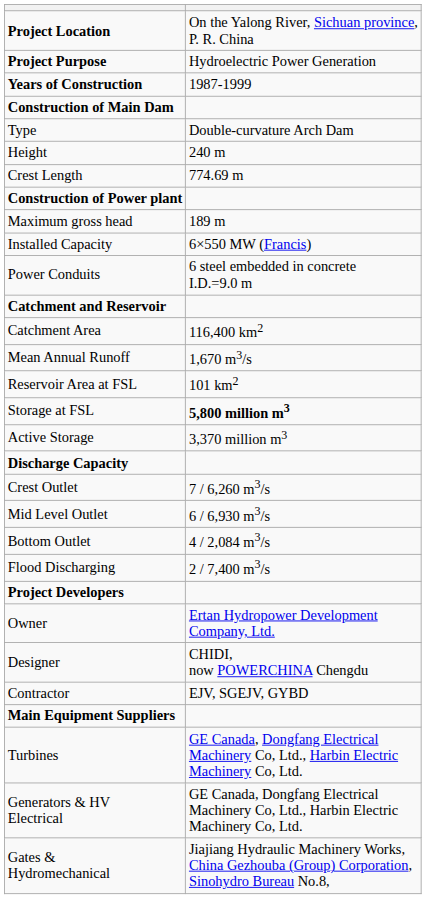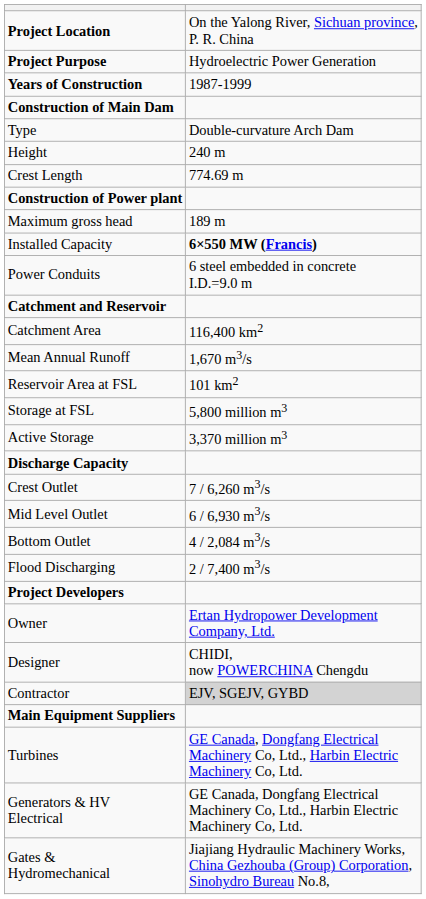 <table class="wikitable">
 <tr>
 <th></th>
 <th></th>
 </tr>
 <tr>
 <td><strong>Project Location</strong></td>
 <td>On the Yalong River, <a href='#'>Sichuan province</a>,<br>P. R. China</td>
 </tr>
 <tr>
 <td><strong>Project Purpose</strong></td>
 <td>Hydroelectric Power Generation</td>
 </tr>
 <tr>
 <td><strong>Years of Construction</strong></td>
 <td>1987-1999</td>
 </tr>
 <tr>
 <td><strong>Construction of Main Dam</strong></td>
 <td></td>
 </tr>
 <tr>
 <td>Type</td>
 <td>Double-curvature Arch Dam</td>
 </tr>
 <tr>
 <td>Height</td>
 <td>240 m</td>
 </tr>
 <tr>
 <td>Crest Length</td>
 <td>774.69 m</td>
 </tr>
 <tr>
 <td><strong>Construction of Power plant</strong></td>
 <td></td>
 </tr>
 <tr>
 <td>Maximum gross head</td>
 <td>189 m</td>
 </tr>
 <tr>
 <td>Installed Capacity</td>
-<td>6×550 MW (<a href='#'>Francis</a>)</td>
+<td><strong>6×550 MW (<a href='#'>Francis</a>)</strong></td>
 </tr>
 <tr>
 <td>Power Conduits</td>
 <td>6 steel embedded in concrete<br>I.D.=9.0 m</td>
 </tr>
 <tr>
 <td><strong>Catchment and Reservoir</strong></td>
 <td></td>
 </tr>
 <tr>
 <td>Catchment Area</td>
 <td>116,400 km<sup>2</sup></td>
 </tr>
 <tr>
 <td>Mean Annual Runoff</td>
 <td>1,670 m<sup>3</sup>/s</td>
 </tr>
 <tr>
 <td>Reservoir Area at FSL</td>
 <td>101 km<sup>2</sup></td>
 </tr>
 <tr>
 <td>Storage at FSL</td>
-<td><strong>5,800 million m<sup>3</sup></strong></td>
+<td>5,800 million m<sup>3</sup></td>
 </tr>
 <tr>
 <td>Active Storage</td>
 <td>3,370 million m<sup>3</sup></td>
 </tr>
 <tr>
 <td><strong>Discharge Capacity</strong></td>
 <td></td>
 </tr>
 <tr>
 <td>Crest Outlet</td>
 <td>7 / 6,260 m<sup>3</sup>/s</td>
 </tr>
 <tr>
 <td>Mid Level Outlet</td>
 <td>6 / 6,930 m<sup>3</sup>/s</td>
 </tr>
 <tr>
 <td>Bottom Outlet</td>
 <td>4 / 2,084 m<sup>3</sup>/s</td>
 </tr>
 <tr>
 <td>Flood Discharging</td>
 <td>2 / 7,400 m<sup>3</sup>/s</td>
 </tr>
 <tr>
 <td><strong>Project Developers</strong></td>
 <td></td>
 </tr>
 <tr>
 <td>Owner</td>
 <td><a href='#'>Ertan Hydropower Development</a><br><a href='#'>Company, Ltd.</a></td>
 </tr>
 <tr>
 <td>Designer</td>
 <td>CHIDI,<br>now <a href='#'>POWERCHINA</a> Chengdu</td>
 </tr>
 <tr>
 <td>Contractor</td>
-<td>EJV, SGEJV, GYBD</td>
+<td style="background: lightgrey;">EJV, SGEJV, GYBD</td>
 </tr>
 <tr>
 <td><strong>Main Equipment Suppliers</strong></td>
 <td></td>
 </tr>
 <tr>
 <td>Turbines</td>
 <td><a href='#'>GE Canada</a>, <a href='#'>Dongfang Electrical</a><br><a href='#'>Machinery</a> Co, Ltd., <a href='#'>Harbin Electric</a><br><a href='#'>Machinery</a> Co, Ltd.</td>
 </tr>
 <tr>
 <td>Generators & HV<br>Electrical</td>
 <td>GE Canada, Dongfang Electrical<br>Machinery Co, Ltd., Harbin Electric<br>Machinery Co, Ltd.</td>
 </tr>
 <tr>
 <td>Gates &<br>Hydromechanical</td>
 <td>Jiajiang Hydraulic Machinery Works,<br><a href='#'>China Gezhouba (Group) Corporation</a>,<br><a href='#'>Sinohydro Bureau</a> No.8,</td>
 </tr>
 </table>
